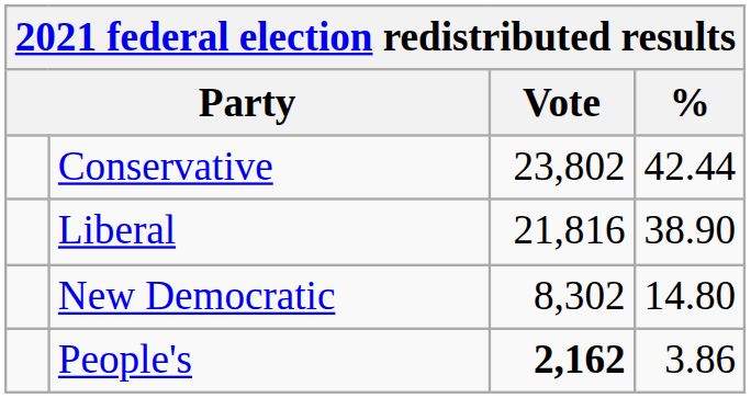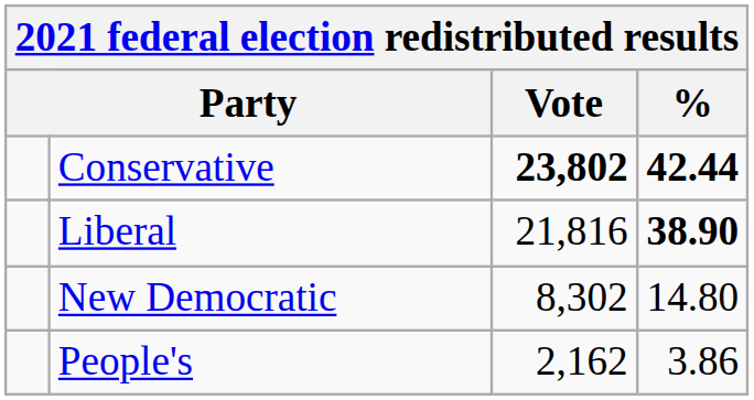 <table class="wikitable">
 <tr>
 <th colspan="4"><a href='#'>2021 federal election</a> redistributed results</th>
 </tr>
 <tr>
 <th bgcolor="#DDDDFF" width="130px" colspan="2">Party</th>
 <th bgcolor="#DDDDFF" width="50px">Vote</th>
 <th bgcolor="#DDDDFF" width="30px">%</th>
 </tr>
 <tr>
 <td> </td>
 <td><a href='#'>Conservative</a></td>
-<td align=right>23,802</td>
-<td align=right>42.44</td>
+<td align=right><strong>23,802</strong></td>
+<td align=right><strong>42.44</strong></td>
 </tr>
 <tr>
 <td> </td>
 <td><a href='#'>Liberal</a></td>
 <td align=right>21,816</td>
-<td align=right>38.90</td>
+<td align=right><strong>38.90</strong></td>
 </tr>
 <tr>
 <td> </td>
 <td><a href='#'>New Democratic</a></td>
 <td align=right>8,302</td>
 <td align=right>14.80</td>
 </tr>
 <tr>
 <td> </td>
 <td><a href='#'>People's</a></td>
-<td align=right><strong>2,162</strong></td>
+<td align=right>2,162</td>
 <td align=right>3.86</td>
 </tr>
 </table>
